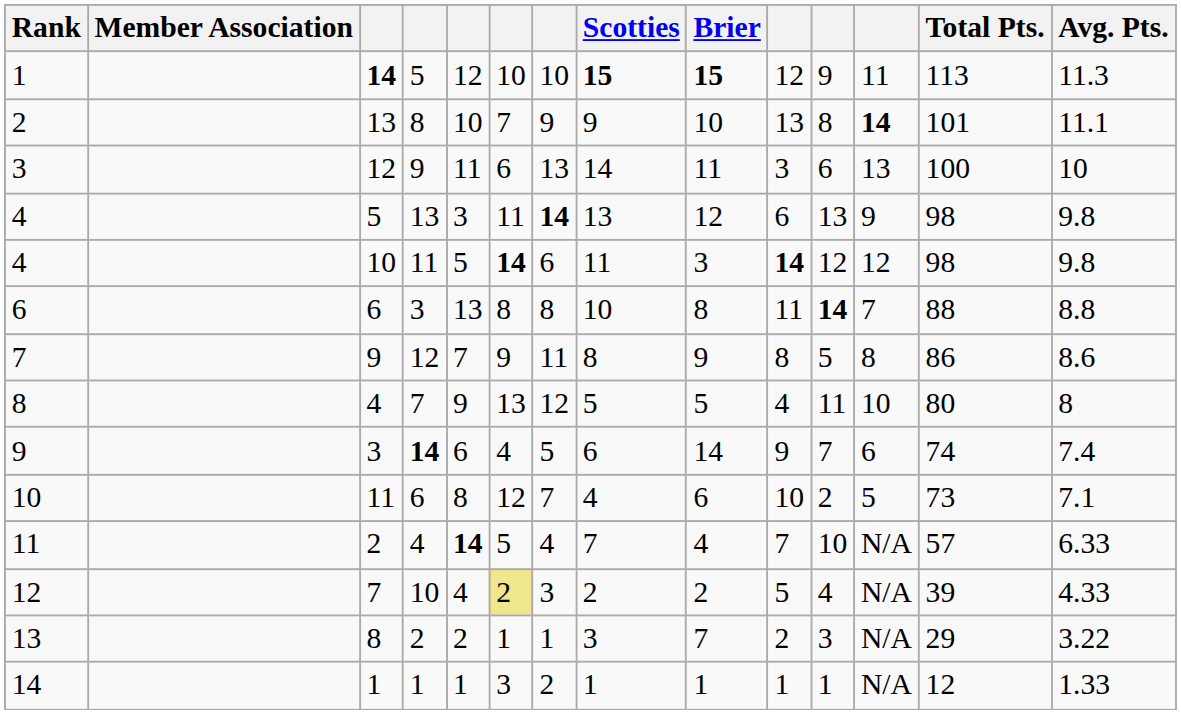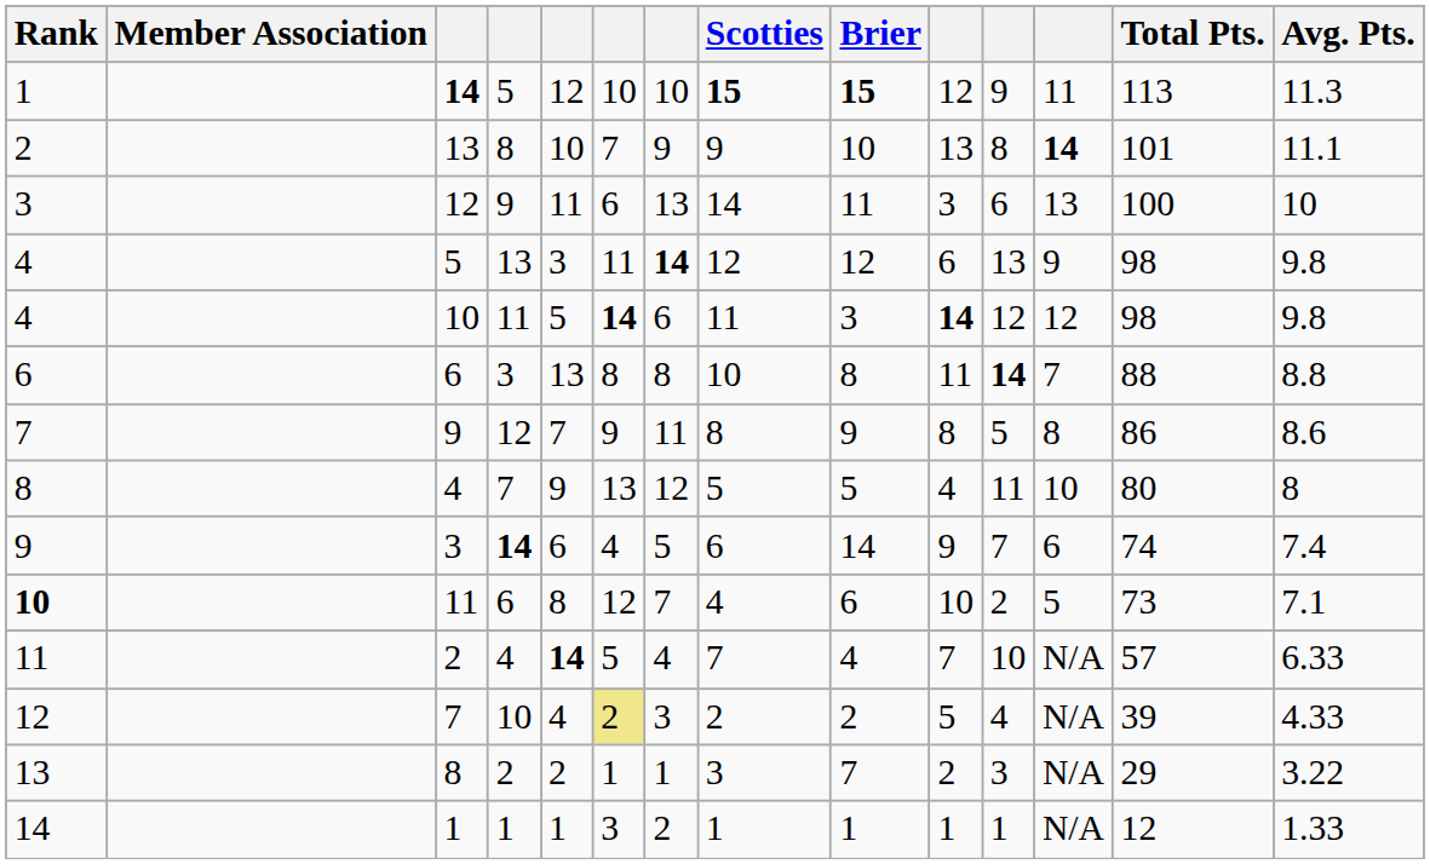 <table class="wikitable sortable">
 <tr>
 <th>Rank</th>
 <th>Member Association</th>
 <th></th>
 <th></th>
 <th></th>
 <th></th>
 <th></th>
 <th><a href='#'>Scotties</a></th>
 <th><a href='#'>Brier</a></th>
 <th></th>
 <th></th>
 <th></th>
 <th>Total Pts.</th>
 <th>Avg. Pts.</th>
 </tr>
 <tr>
 <td>1</td>
 <td></td>
 <td><strong>14</strong></td>
 <td>5</td>
 <td>12</td>
 <td>10</td>
 <td>10</td>
 <td><strong>15</strong></td>
 <td><strong>15</strong></td>
 <td>12</td>
 <td>9</td>
 <td>11</td>
 <td>113</td>
 <td>11.3</td>
 </tr>
 <tr>
 <td>2</td>
 <td></td>
 <td>13</td>
 <td>8</td>
 <td>10</td>
 <td>7</td>
 <td>9</td>
 <td>9</td>
 <td>10</td>
 <td>13</td>
 <td>8</td>
 <td><strong>14</strong></td>
 <td>101</td>
 <td>11.1</td>
 </tr>
 <tr>
 <td>3</td>
 <td></td>
 <td>12</td>
 <td>9</td>
 <td>11</td>
 <td>6</td>
 <td>13</td>
 <td>14</td>
 <td>11</td>
 <td>3</td>
 <td>6</td>
 <td>13</td>
 <td>100</td>
 <td>10</td>
 </tr>
 <tr>
 <td>4</td>
 <td></td>
 <td>5</td>
 <td>13</td>
 <td>3</td>
 <td>11</td>
 <td><strong>14</strong></td>
-<td>13</td>
+<td>12</td>
 <td>12</td>
 <td>6</td>
 <td>13</td>
 <td>9</td>
 <td>98</td>
 <td>9.8</td>
 </tr>
 <tr>
 <td>4</td>
 <td></td>
 <td>10</td>
 <td>11</td>
 <td>5</td>
 <td><strong>14</strong></td>
 <td>6</td>
 <td>11</td>
 <td>3</td>
 <td><strong>14</strong></td>
 <td>12</td>
 <td>12</td>
 <td>98</td>
 <td>9.8</td>
 </tr>
 <tr>
 <td>6</td>
 <td></td>
 <td>6</td>
 <td>3</td>
 <td>13</td>
 <td>8</td>
 <td>8</td>
 <td>10</td>
 <td>8</td>
 <td>11</td>
 <td><strong>14</strong></td>
 <td>7</td>
 <td>88</td>
 <td>8.8</td>
 </tr>
 <tr>
 <td>7</td>
 <td></td>
 <td>9</td>
 <td>12</td>
 <td>7</td>
 <td>9</td>
 <td>11</td>
 <td>8</td>
 <td>9</td>
 <td>8</td>
 <td>5</td>
 <td>8</td>
 <td>86</td>
 <td>8.6</td>
 </tr>
 <tr>
 <td>8</td>
 <td></td>
 <td>4</td>
 <td>7</td>
 <td>9</td>
 <td>13</td>
 <td>12</td>
 <td>5</td>
 <td>5</td>
 <td>4</td>
 <td>11</td>
 <td>10</td>
 <td>80</td>
 <td>8</td>
 </tr>
 <tr>
 <td>9</td>
 <td></td>
 <td>3</td>
 <td><strong>14</strong></td>
 <td>6</td>
 <td>4</td>
 <td>5</td>
 <td>6</td>
 <td>14</td>
 <td>9</td>
 <td>7</td>
 <td>6</td>
 <td>74</td>
 <td>7.4</td>
 </tr>
 <tr>
-<td>10</td>
+<td><strong>10</strong></td>
 <td></td>
 <td>11</td>
 <td>6</td>
 <td>8</td>
 <td>12</td>
 <td>7</td>
 <td>4</td>
 <td>6</td>
 <td>10</td>
 <td>2</td>
 <td>5</td>
 <td>73</td>
 <td>7.1</td>
 </tr>
 <tr>
 <td>11</td>
 <td></td>
 <td>2</td>
 <td>4</td>
 <td><strong>14</strong></td>
 <td>5</td>
 <td>4</td>
 <td>7</td>
 <td>4</td>
 <td>7</td>
 <td>10</td>
 <td>N/A</td>
 <td>57</td>
 <td>6.33</td>
 </tr>
 <tr>
 <td>12</td>
 <td></td>
 <td>7</td>
 <td>10</td>
 <td>4</td>
 <td style="background: khaki;">2</td>
 <td>3</td>
 <td>2</td>
 <td>2</td>
 <td>5</td>
 <td>4</td>
 <td>N/A</td>
 <td>39</td>
 <td>4.33</td>
 </tr>
 <tr>
 <td>13</td>
 <td></td>
 <td>8</td>
 <td>2</td>
 <td>2</td>
 <td>1</td>
 <td>1</td>
 <td>3</td>
 <td>7</td>
 <td>2</td>
 <td>3</td>
 <td>N/A</td>
 <td>29</td>
 <td>3.22</td>
 </tr>
 <tr>
 <td>14</td>
 <td></td>
 <td>1</td>
 <td>1</td>
 <td>1</td>
 <td>3</td>
 <td>2</td>
 <td>1</td>
 <td>1</td>
 <td>1</td>
 <td>1</td>
 <td>N/A</td>
 <td>12</td>
 <td>1.33</td>
 </tr>
 </table>
